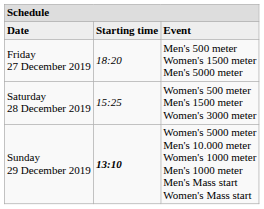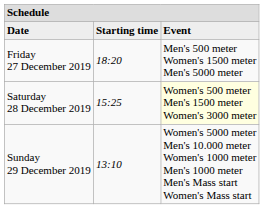 <table class="wikitable">
 <tr align=left bgcolor=#DDDDDD>
 <td colspan=3><strong>Schedule</strong></td>
 </tr>
 <tr align=left bgcolor=#EEEEEE>
 <td><strong>Date</strong></td>
 <td><strong>Starting time</strong></td>
 <td><strong>Event</strong></td>
 </tr>
 <tr>
 <td>Friday <br> 27 December 2019</td>
 <td><em>18:20</em></td>
 <td>Men's 500 meter <br> Women's 1500 meter  <br> Men's 5000 meter</td>
 </tr>
 <tr>
 <td>Saturday <br> 28 December 2019</td>
 <td><em>15:25</em></td>
-<td>Women's 500 meter <br> Men's 1500 meter <br> Women's 3000 meter</td>
+<td style="background: lightyellow;">Women's 500 meter <br> Men's 1500 meter <br> Women's 3000 meter</td>
 </tr>
 <tr>
 <td>Sunday <br> 29 December 2019</td>
-<td><strong><em>13:10</em></strong></td>
+<td><em>13:10</em></td>
 <td>Women's 5000 meter <br> Men's 10.000 meter <br> Women's 1000 meter <br> Men's 1000 meter <br>Men's Mass start <br> Women's Mass start</td>
 </tr>
 </table>
